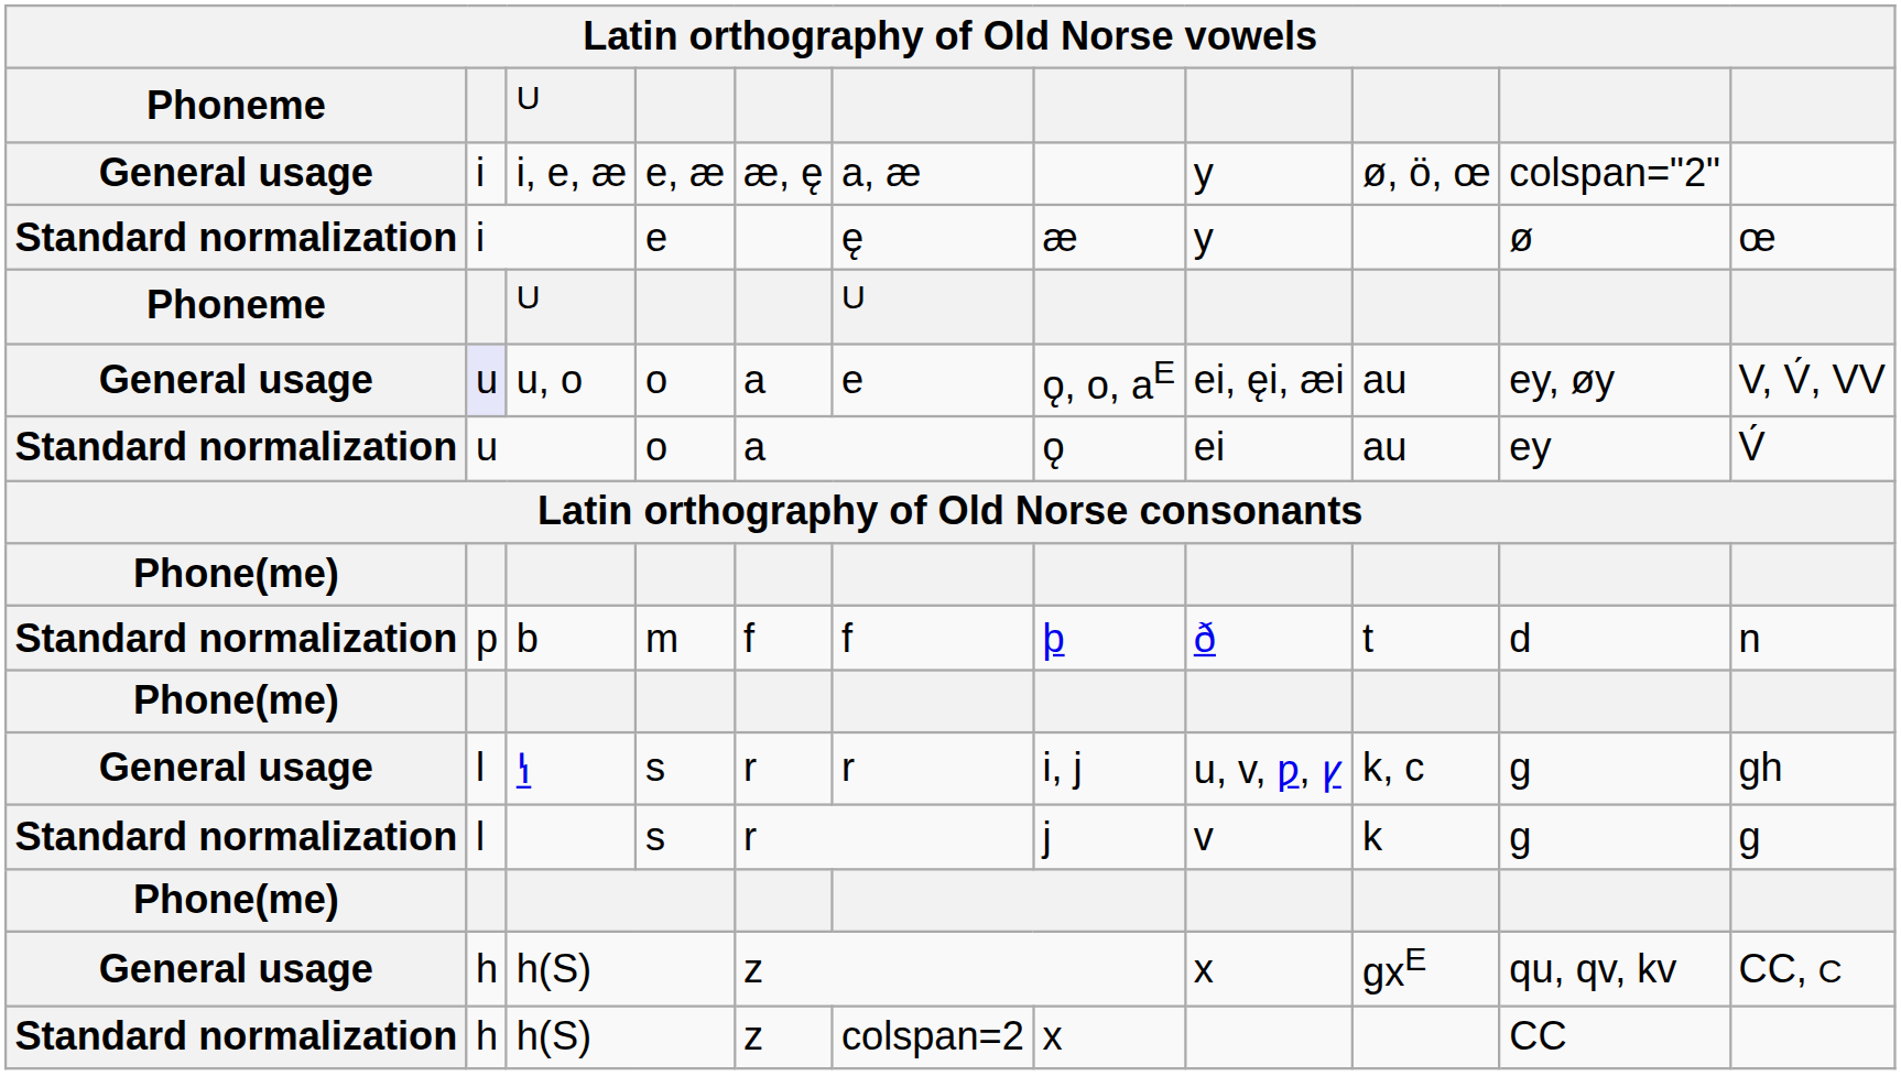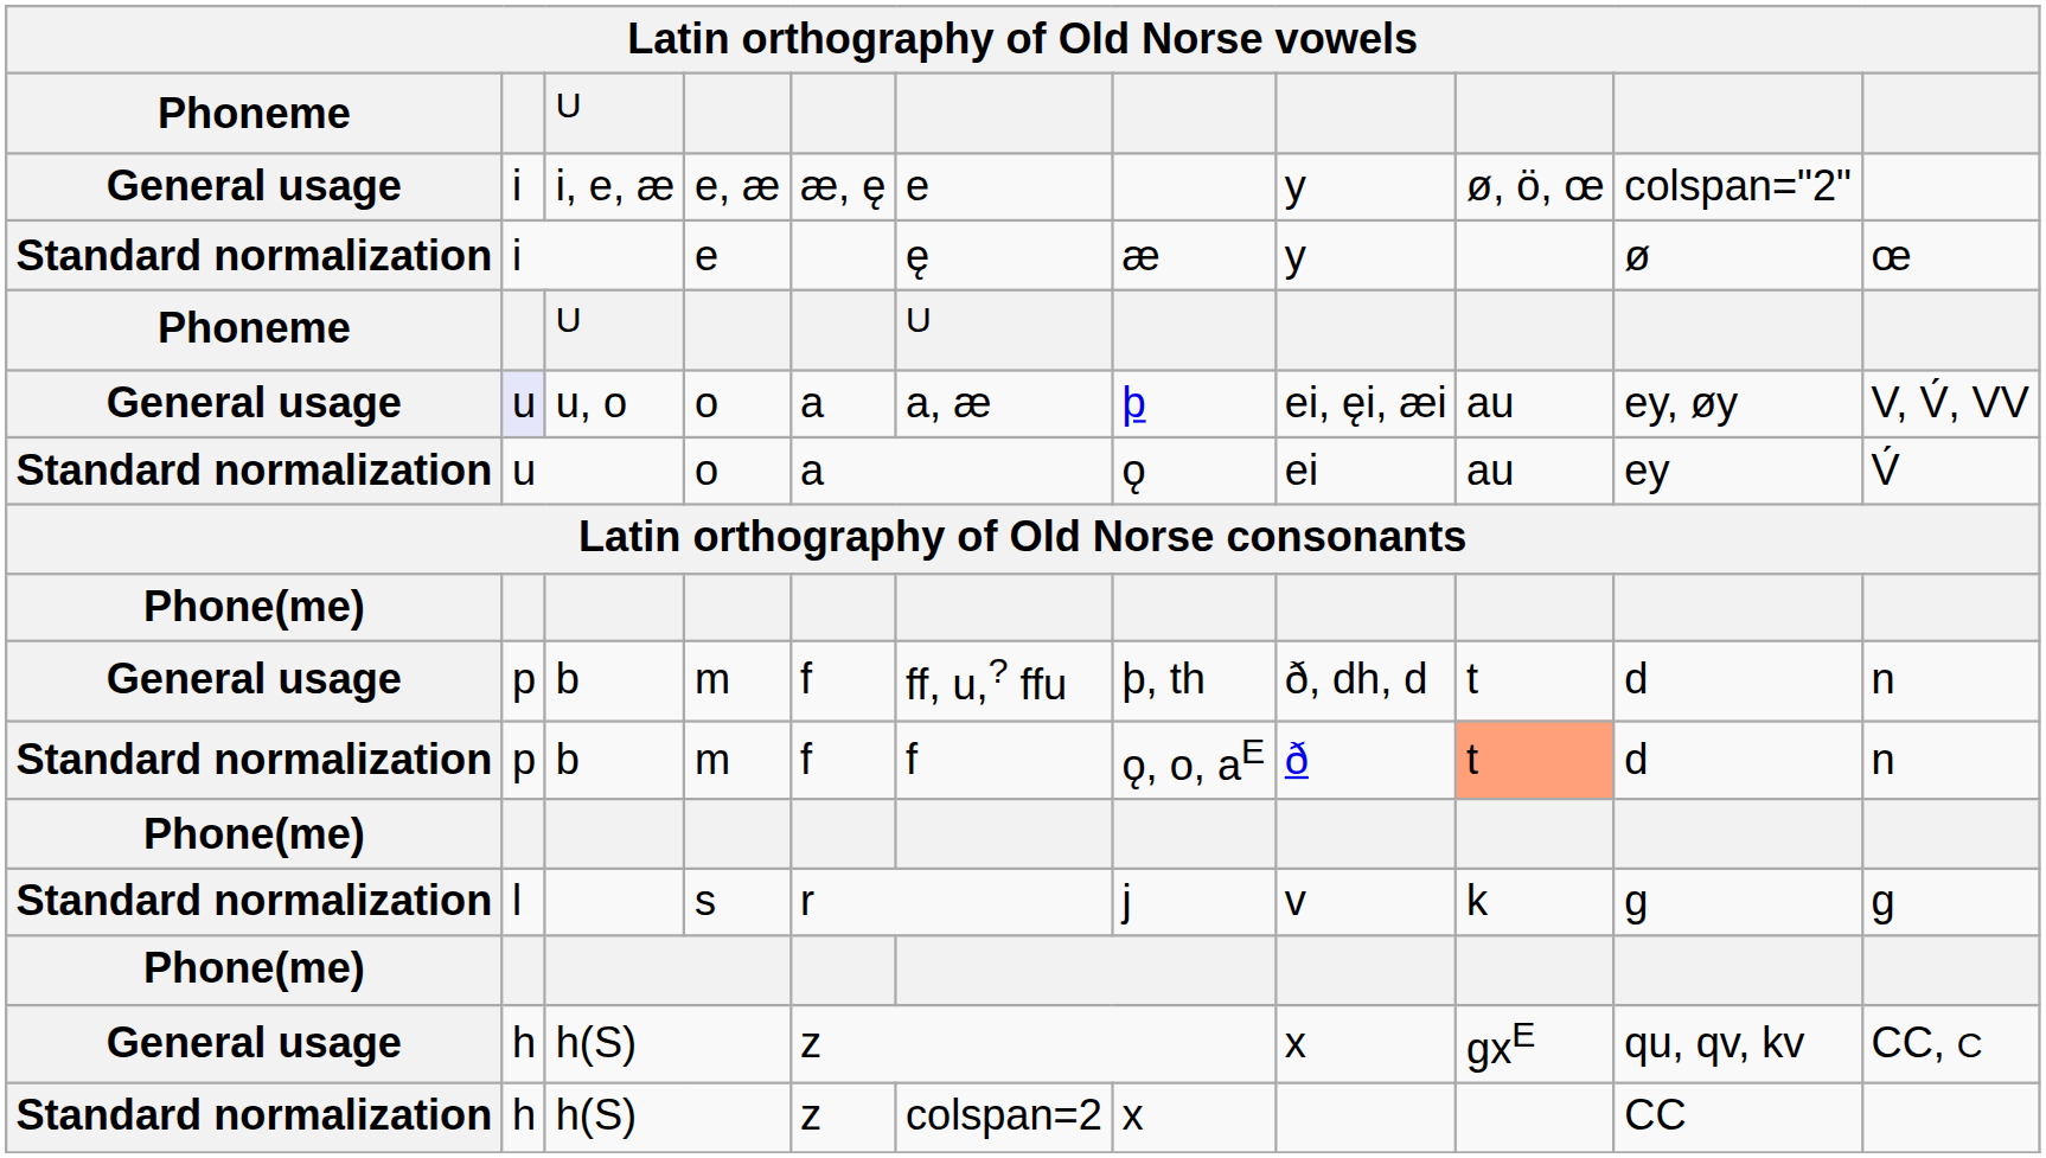 <table class="wikitable">
 <tr>
 <th colspan=11>Latin orthography of Old Norse vowels</th>
 </tr>
 <tr style="background:#f2f2f2">
 <th>Phoneme</th>
 <td></td>
 <td><sup>U</sup></td>
 <td></td>
 <td></td>
 <td></td>
 <td></td>
 <td></td>
 <td></td>
 <td></td>
 <td></td>
 </tr>
 <tr>
 <th>General usage</th>
 <td>i</td>
 <td>i, e, æ</td>
 <td>e, æ</td>
 <td>æ, ę</td>
-<td>a, æ</td>
+<td>e</td>
 <td></td>
 <td>y</td>
 <td>ø, ö, œ</td>
 <td>colspan="2" </td>
 </tr>
 <tr>
 <th>Standard normalization</th>
 <td colspan="2">i</td>
 <td>e</td>
 <td></td>
 <td>ę</td>
 <td>æ</td>
 <td>y</td>
 <td></td>
 <td>ø</td>
 <td>œ</td>
 </tr>
 <tr style="background:#f2f2f2">
 <th>Phoneme</th>
 <td></td>
 <td><sup>U</sup></td>
 <td></td>
 <td></td>
 <td><sup>U</sup></td>
 <td></td>
 <td></td>
 <td></td>
 <td></td>
 <td></td>
 </tr>
 <tr>
 <th>General usage</th>
 <td style="background: lavender;">u</td>
 <td>u, o</td>
 <td>o</td>
 <td>a</td>
-<td>e</td>
-<td>ǫ, o, a<sup>E</sup></td>
+<td>a, æ</td>
+<td><a href='#'>þ</a></td>
 <td>ei, ęi, æi</td>
 <td>au</td>
 <td>ey, øy</td>
 <td>V, V́, VV</td>
 </tr>
 <tr>
 <th>Standard normalization</th>
 <td colspan="2">u</td>
 <td>o</td>
 <td colspan="2">a</td>
 <td>ǫ</td>
 <td>ei</td>
 <td>au</td>
 <td>ey</td>
 <td>V́</td>
 </tr>
 <tr>
 <th colspan=11>Latin orthography of Old Norse consonants</th>
 </tr>
 <tr style="background:#f2f2f2">
 <th>Phone(me)</th>
 <td></td>
 <td></td>
 <td></td>
 <td></td>
 <td></td>
 <td></td>
 <td></td>
 <td></td>
 <td></td>
 <td></td>
 </tr>
 <tr>
+<th>General usage</th>
+<td>p</td>
+<td>b</td>
+<td>m</td>
+<td>f</td>
+<td>ff, u,<sup>?</sup> ffu</td>
+<td>þ, th</td>
+<td>ð, dh, d</td>
+<td>t</td>
+<td>d</td>
+<td>n</td>
+</tr>
+<tr>
 <th>Standard normalization</th>
 <td>p</td>
 <td>b</td>
 <td>m</td>
 <td>f</td>
 <td>f</td>
-<td><a href='#'>þ</a></td>
+<td>ǫ, o, a<sup>E</sup></td>
 <td><a href='#'>ð</a></td>
-<td>t</td>
+<td style="background: lightsalmon;">t</td>
 <td>d</td>
 <td>n</td>
 </tr>
 <tr style="background:#f2f2f2">
 <th>Phone(me)</th>
 <td></td>
 <td></td>
 <td></td>
 <td></td>
 <td></td>
 <td></td>
 <td></td>
 <td></td>
 <td></td>
 <td></td>
-</tr>
-<tr>
-<th>General usage</th>
-<td>l</td>
-<td><a href='#'>ꝇ</a></td>
-<td>s</td>
-<td>r</td>
-<td>r</td>
-<td>i, j</td>
-<td>u, v, <a href='#'>ƿ</a>, <a href='#'>ꝩ</a></td>
-<td>k, c</td>
-<td>g</td>
-<td>gh</td>
 </tr>
 <tr>
 <th>Standard normalization</th>
 <td>l</td>
 <td></td>
 <td>s</td>
 <td colspan=2>r</td>
 <td>j</td>
 <td>v</td>
 <td>k</td>
 <td>g</td>
 <td>g</td>
 </tr>
 <tr style="background:#f2f2f2">
 <th>Phone(me)</th>
 <td></td>
 <td colspan=2></td>
 <td></td>
 <td colspan=2></td>
 <td></td>
 <td></td>
 <td></td>
 <td></td>
 </tr>
 <tr>
 <th>General usage</th>
 <td>h</td>
 <td colspan=2>h(S)</td>
 <td colspan=3>z</td>
 <td>x</td>
 <td>gx<sup>E</sup></td>
 <td>qu, qv, kv</td>
 <td>CC, <small>C</small></td>
 </tr>
 <tr>
 <th>Standard normalization</th>
 <td>h</td>
 <td colspan=2>h(S)</td>
 <td>z</td>
 <td>colspan=2 </td>
 <td>x</td>
 <td></td>
 <td></td>
 <td>CC</td>
 </tr>
 </table>
